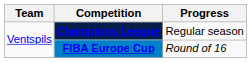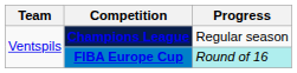 <table class="wikitable sortable">
 <tr>
 <th>Team</th>
 <th>Competition</th>
 <th>Progress</th>
 </tr>
 <tr>
 <td rowspan=2> <a href='#'>Ventspils</a></td>
 <td rowspan="1" style="background-color:#071D49;color:#D0D3D4;text-align:center"><strong><a href='#'><span>Champions League</span></a></strong></td>
 <td>Regular season</td>
 </tr>
 <tr>
 <td style="background-color:#0080C8;color:white;text-align:center"><strong><a href='#'><span>FIBA Europe Cup</span></a></strong></td>
-<td><em>Round of 16</em></td>
+<td style="background: paleturquoise;"><em>Round of 16</em></td>
 </tr>
 </table>
